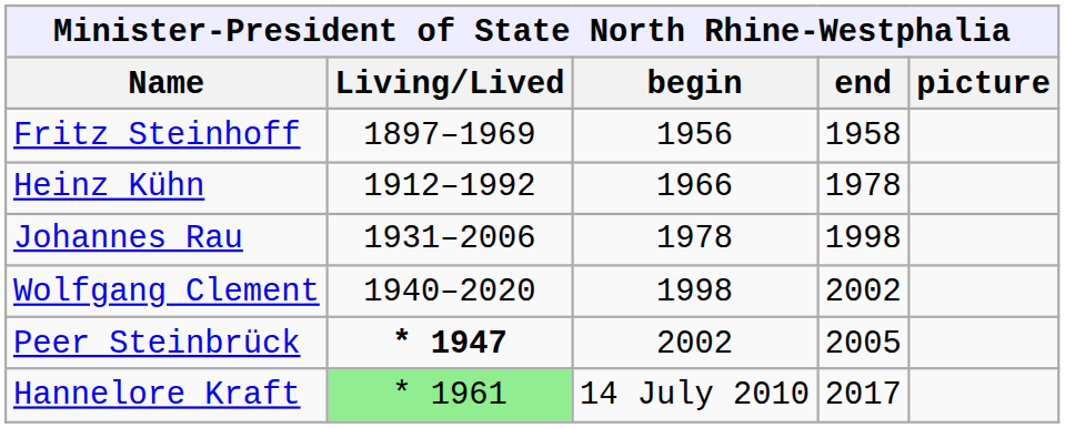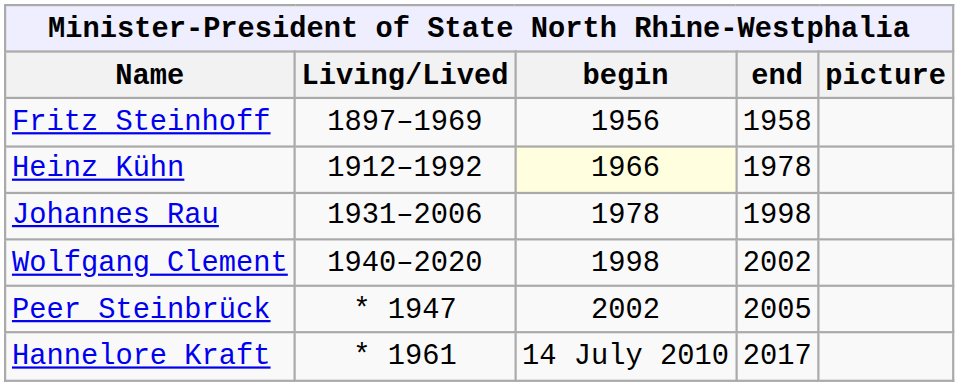 <table class="wikitable">
 <tr>
 <th style="background:#EEEEFF" colspan="9">Minister-President of State North Rhine-Westphalia</th>
 </tr>
 <tr style="background:#EEEEFF">
 <th>Name</th>
 <th>Living/Lived</th>
 <th>begin</th>
 <th>end</th>
 <th>picture</th>
 </tr>
 <tr>
 <td><a href='#'>Fritz Steinhoff</a></td>
 <td align="center">1897–1969</td>
 <td align="center">1956</td>
 <td align="center">1958</td>
 <td></td>
 </tr>
 <tr>
 <td><a href='#'>Heinz Kühn</a></td>
 <td align="center">1912–1992</td>
-<td align="center">1966</td>
+<td align="center" style="background: lightyellow;">1966</td>
 <td align="center">1978</td>
 <td></td>
 </tr>
 <tr>
 <td><a href='#'>Johannes Rau</a></td>
 <td align="center">1931–2006</td>
 <td align="center">1978</td>
 <td align="center">1998</td>
 <td></td>
 </tr>
 <tr>
 <td><a href='#'>Wolfgang Clement</a></td>
 <td align="center">1940–2020</td>
 <td align="center">1998</td>
 <td align="center">2002</td>
 <td></td>
 </tr>
 <tr>
 <td><a href='#'>Peer Steinbrück</a></td>
-<td align="center"><strong>* 1947</strong></td>
+<td align="center">* 1947</td>
 <td align="center">2002</td>
 <td align="center">2005</td>
 <td></td>
 </tr>
 <tr>
 <td><a href='#'>Hannelore Kraft</a></td>
-<td align="center" style="background: lightgreen;">* 1961</td>
+<td align="center">* 1961</td>
 <td align="center">14 July 2010</td>
 <td align="center">2017</td>
 <td></td>
 </tr>
 </table>
